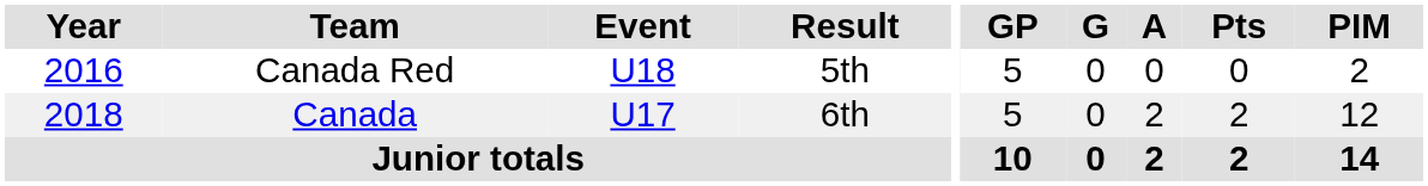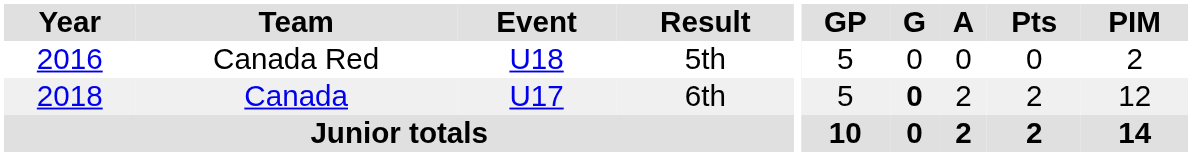 <table border="0" cellpadding="1" cellspacing="0" ID="Table3" style="text-align:center; width:40em">
 <tr bgcolor="#e0e0e0">
 <th>Year</th>
 <th>Team</th>
 <th>Event</th>
 <th>Result</th>
 <th rowspan="99" bgcolor="#ffffff"></th>
 <th>GP</th>
 <th>G</th>
 <th>A</th>
 <th>Pts</th>
 <th>PIM</th>
 </tr>
 <tr>
 <td><a href='#'>2016</a></td>
 <td>Canada Red</td>
 <td><a href='#'>U18</a></td>
 <td>5th</td>
 <td>5</td>
 <td>0</td>
 <td>0</td>
 <td>0</td>
 <td>2</td>
 </tr>
 <tr bgcolor="#f0f0f0">
 <td><a href='#'>2018</a></td>
 <td><a href='#'>Canada</a></td>
 <td><a href='#'>U17</a></td>
 <td>6th</td>
 <td>5</td>
-<td>0</td>
+<td><strong>0</strong></td>
 <td>2</td>
 <td>2</td>
 <td>12</td>
 </tr>
 <tr bgcolor="#e0e0e0">
 <th colspan="4">Junior totals</th>
 <th>10</th>
 <th>0</th>
 <th>2</th>
 <th>2</th>
 <th>14</th>
 </tr>
 </table>
